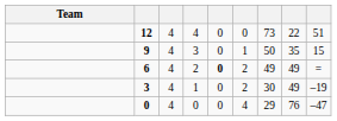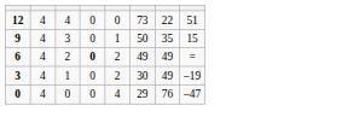 <table class="wikitable" style="text-align: center; font-size:90% ">
 <tr>
-<th width="160">Team</th>
 <th width="25"></th>
 <th width="25"></th>
 <th width="25"></th>
 <th width="25"></th>
 <th width="25"></th>
 <th width="25"></th>
 <th width="25"></th>
 <th width="25"></th>
 </tr>
 <tr>
-<td align="left"></td>
 <td><strong>12</strong></td>
 <td>4</td>
 <td>4</td>
 <td>0</td>
 <td>0</td>
 <td>73</td>
 <td>22</td>
 <td>51</td>
 </tr>
 <tr>
-<td align="left"></td>
 <td><strong>9</strong></td>
 <td>4</td>
 <td>3</td>
 <td>0</td>
 <td>1</td>
 <td>50</td>
 <td>35</td>
 <td>15</td>
 </tr>
 <tr>
-<td align="left"></td>
 <td><strong>6</strong></td>
 <td>4</td>
 <td>2</td>
 <td><strong>0</strong></td>
 <td>2</td>
 <td>49</td>
 <td>49</td>
 <td>=</td>
 </tr>
 <tr>
-<td align="left"></td>
 <td><strong>3</strong></td>
 <td>4</td>
 <td>1</td>
 <td>0</td>
 <td>2</td>
 <td>30</td>
 <td>49</td>
 <td>–19</td>
 </tr>
 <tr>
-<td align="left"></td>
 <td><strong>0</strong></td>
 <td>4</td>
 <td>0</td>
 <td>0</td>
 <td>4</td>
 <td>29</td>
 <td>76</td>
 <td>–47</td>
 </tr>
 </table>
